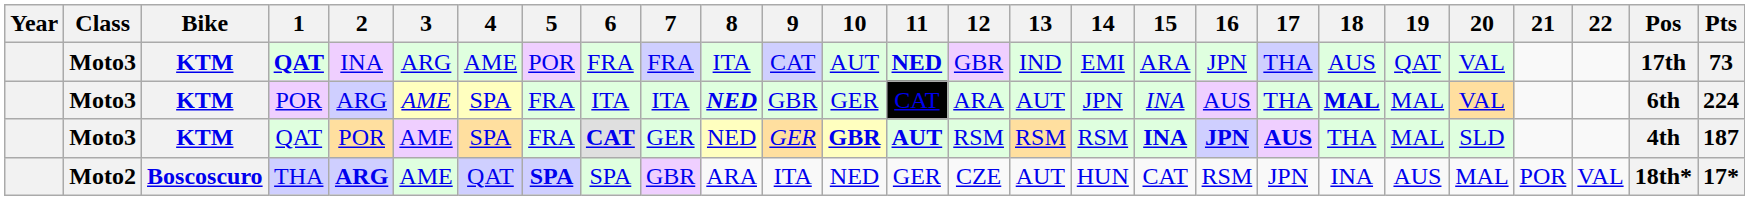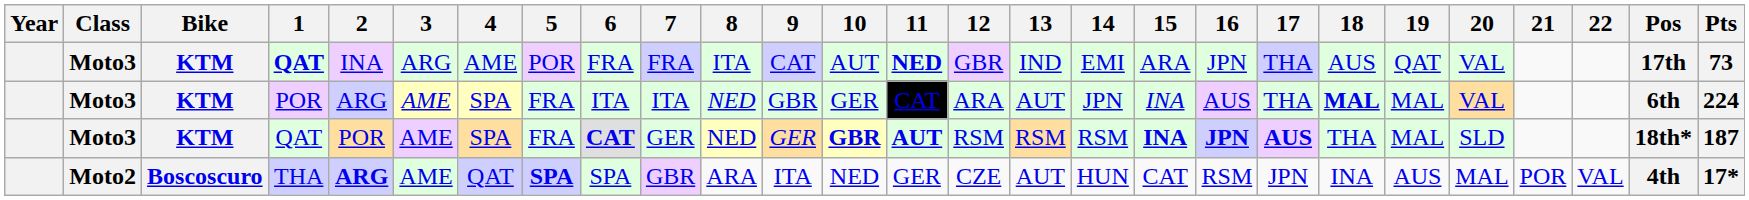 <table class="wikitable" style="text-align:center;">
 <tr>
 <th>Year</th>
 <th>Class</th>
 <th>Bike</th>
 <th>1</th>
 <th>2</th>
 <th>3</th>
 <th>4</th>
 <th>5</th>
 <th>6</th>
 <th>7</th>
 <th>8</th>
 <th>9</th>
 <th>10</th>
 <th>11</th>
 <th>12</th>
 <th>13</th>
 <th>14</th>
 <th>15</th>
 <th>16</th>
 <th>17</th>
 <th>18</th>
 <th>19</th>
 <th>20</th>
 <th>21</th>
 <th>22</th>
 <th>Pos</th>
 <th>Pts</th>
 </tr>
 <tr>
 <th></th>
 <th>Moto3</th>
 <th><a href='#'>KTM</a></th>
 <td style="background:#dfffdf;"><strong><a href='#'>QAT</a><br></strong></td>
 <td style="background:#efcfff;"><a href='#'>INA</a><br></td>
 <td style="background:#dfffdf;"><a href='#'>ARG</a><br></td>
 <td style="background:#dfffdf;"><a href='#'>AME</a><br></td>
 <td style="background:#efcfff;"><a href='#'>POR</a><br></td>
 <td style="background:#DFFFDF;"><a href='#'>FRA</a><br></td>
 <td style="background:#cfcfff;"><a href='#'>FRA</a><br></td>
 <td style="background:#dfffdf;"><a href='#'>ITA</a><br></td>
 <td style="background:#cfcfff;"><a href='#'>CAT</a><br></td>
 <td style="background:#dfffdf;"><a href='#'>AUT</a><br></td>
 <td style="background:#dfffdf;"><strong><a href='#'>NED</a><br></strong></td>
 <td style="background:#efcfff;"><a href='#'>GBR</a><br></td>
 <td style="background:#dfffdf;"><a href='#'>IND</a><br></td>
 <td style="background:#DFFFDF;"><a href='#'>EMI</a><br></td>
 <td style="background:#dfffdf;"><a href='#'>ARA</a><br></td>
 <td style="background:#dfffdf;"><a href='#'>JPN</a><br></td>
 <td style="background:#cfcfff;"><a href='#'>THA</a><br></td>
 <td style="background:#dfffdf;"><a href='#'>AUS</a><br></td>
 <td style="background:#dfffdf;"><a href='#'>QAT</a><br></td>
 <td style="background:#dfffdf;"><a href='#'>VAL</a><br></td>
 <td></td>
 <td></td>
 <th>17th</th>
 <th>73</th>
 </tr>
 <tr>
 <th></th>
 <th>Moto3</th>
 <th><a href='#'>KTM</a></th>
 <td style="background:#efcfff;"><a href='#'>POR</a><br></td>
 <td style="background:#cfcfff;"><a href='#'>ARG</a><br></td>
 <td style="background:#ffffbf;"><em><a href='#'>AME</a></em><br></td>
 <td style="background:#ffffbf;"><a href='#'>SPA</a><br></td>
 <td style="background:#dfffdf;"><a href='#'>FRA</a><br></td>
 <td style="background:#dfffdf;"><a href='#'>ITA</a><br></td>
 <td style="background:#DFFFDF;"><a href='#'>ITA</a><br></td>
-<td style="background:#dfffdf;"><strong><em><a href='#'>NED</a></em><br></strong></td>
+<td style="background:#dfffdf;"><em><a href='#'>NED</a></em><br></td>
 <td style="background:#dfffdf;"><a href='#'>GBR</a><br></td>
 <td style="background:#dfffdf;"><a href='#'>GER</a><br></td>
 <td style="background:#000000; color:#FFFFFF;"><a href='#'><span>CAT</span></a><br></td>
 <td style="background:#DFFFDF;"><a href='#'>ARA</a><br></td>
 <td style="background:#dfffdf;"><a href='#'>AUT</a><br></td>
 <td style="background:#dfffdf;"><a href='#'>JPN</a><br></td>
 <td style="background:#dfffdf;"><em><a href='#'>INA</a></em><br></td>
 <td style="background:#efcfff;"><a href='#'>AUS</a><br></td>
 <td style="background:#dfffdf;"><a href='#'>THA</a><br></td>
 <td style="background:#dfffdf;"><strong><a href='#'>MAL</a><br></strong></td>
 <td style="background:#dfffdf;"><a href='#'>MAL</a><br></td>
 <td style="background:#ffdf9f;"><a href='#'>VAL</a><br></td>
 <td></td>
 <td></td>
 <th>6th</th>
 <th>224</th>
 </tr>
 <tr>
 <th></th>
 <th>Moto3</th>
 <th><a href='#'>KTM</a></th>
 <td style="background:#DFFFDF;"><a href='#'>QAT</a><br></td>
 <td style="background:#FFDF9F;"><a href='#'>POR</a><br></td>
 <td style="background:#EFCFFF;"><a href='#'>AME</a><br></td>
 <td style="background:#FFDF9F;"><a href='#'>SPA</a><br></td>
 <td style="background:#DFFFDF;"><a href='#'>FRA</a><br></td>
 <td style="background:#DFDFDF;"><strong><a href='#'>CAT</a></strong><br></td>
 <td style="background:#dfffdf;"><a href='#'>GER</a><br></td>
 <td style="background:#FFFFBF;"><a href='#'>NED</a><br></td>
 <td style="background:#FFDF9F;"><em><a href='#'>GER</a></em><br></td>
 <td style="background:#FFFFBF;"><strong><a href='#'>GBR</a></strong><br></td>
 <td style="background:#DFFFDF;"><strong><a href='#'>AUT</a></strong><br></td>
 <td style="background:#dfffdf;"><a href='#'>RSM</a><br></td>
 <td style="background:#FFDF9F;"><a href='#'>RSM</a><br></td>
 <td style="background:#dfffdf;"><a href='#'>RSM</a><br></td>
 <td style="background:#DFFFDF;"><strong><a href='#'>INA</a></strong><br></td>
 <td style="background:#CFCFFF;"><strong><a href='#'>JPN</a></strong><br></td>
 <td style="background:#EFCFFF;"><strong><a href='#'>AUS</a></strong><br></td>
 <td style="background:#DFFFDF;"><a href='#'>THA</a><br></td>
 <td style="background:#DFFFDF;"><a href='#'>MAL</a><br></td>
 <td style="background:#DFFFDF;"><a href='#'>SLD</a><br></td>
 <td></td>
 <td></td>
-<th>4th</th>
+<th>18th*</th>
 <th>187</th>
 </tr>
 <tr>
 <th></th>
 <th>Moto2</th>
 <th><a href='#'>Boscoscuro</a></th>
 <td style="background:#CFCFFF;"><a href='#'>THA</a><br></td>
 <td style="background:#CFCFFF;"><strong><a href='#'>ARG</a><br></strong></td>
 <td style="background:#DFFFDF;"><a href='#'>AME</a><br></td>
 <td style="background:#CFCFFF;"><a href='#'>QAT</a><br></td>
 <td style="background:#CFCFFF;"><strong><a href='#'>SPA</a><br></strong></td>
 <td style="background:#dfffdf;"><a href='#'>SPA</a><br></td>
 <td style="background:#EFCFFF;"><a href='#'>GBR</a><br></td>
 <td style="background:#;"><a href='#'>ARA</a><br></td>
 <td style="background:#;"><a href='#'>ITA</a><br></td>
 <td style="background:#;"><a href='#'>NED</a><br></td>
 <td style="background:#;"><a href='#'>GER</a><br></td>
 <td style="background:#;"><a href='#'>CZE</a><br></td>
 <td style="background:#;"><a href='#'>AUT</a><br></td>
 <td style="background:#;"><a href='#'>HUN</a><br></td>
 <td style="background:#;"><a href='#'>CAT</a><br></td>
 <td style="background:#;"><a href='#'>RSM</a><br></td>
 <td style="background:#;"><a href='#'>JPN</a><br></td>
 <td style="background:#;"><a href='#'>INA</a><br></td>
 <td style="background:#;"><a href='#'>AUS</a><br></td>
 <td style="background:#;"><a href='#'>MAL</a><br></td>
 <td style="background:#;"><a href='#'>POR</a><br></td>
 <td style="background:#;"><a href='#'>VAL</a><br></td>
-<th>18th*</th>
+<th>4th</th>
 <th>17*</th>
 </tr>
 </table>
